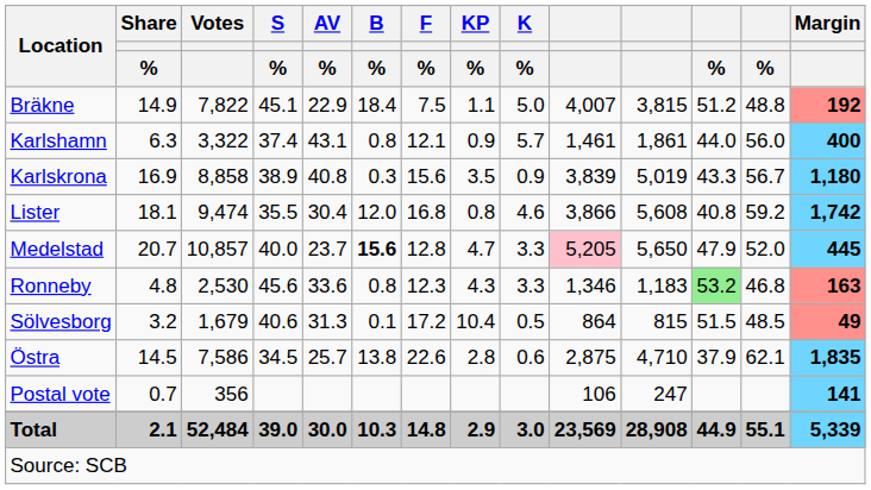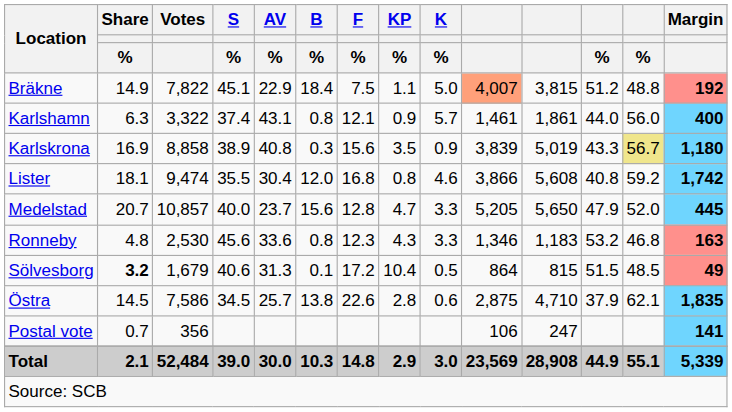 <table class="wikitable sortable" style="text-align:right; font-size:95%; line-height:20px;">
 <tr>
 <th rowspan="3">Location</th>
 <th>Share</th>
 <th>Votes</th>
 <th width="30px" class="unsortable"><a href='#'>S</a></th>
 <th width="30px" class="unsortable"><a href='#'>AV</a></th>
 <th width="30px" class="unsortable"><a href='#'>B</a></th>
 <th width="30px" class="unsortable"><a href='#'>F</a></th>
 <th width="30px" class="unsortable"><a href='#'>KP</a></th>
 <th width="30px" class="unsortable"><a href='#'>K</a></th>
 <th></th>
 <th></th>
 <th></th>
 <th></th>
 <th>Margin</th>
 </tr>
 <tr>
 <th></th>
 <th></th>
 <th style="background:"></th>
 <th style="background:"></th>
 <th style="background:"></th>
 <th style="background:"></th>
 <th style="background:"></th>
 <th style="background:"></th>
 <th style="background:"></th>
 <th style="background:"></th>
 <th style="background:"></th>
 <th style="background:"></th>
 <th></th>
 </tr>
 <tr>
 <th data-sort-type="number">%</th>
 <th></th>
 <th data-sort-type="number">%</th>
 <th data-sort-type="number">%</th>
 <th data-sort-type="number">%</th>
 <th data-sort-type="number">%</th>
 <th data-sort-type="number">%</th>
 <th data-sort-type="number">%</th>
 <th></th>
 <th></th>
 <th data-sort-type="number">%</th>
 <th data-sort-type="number">%</th>
 <th></th>
 </tr>
 <tr>
 <td align=left><a href='#'>Bräkne</a></td>
 <td>14.9</td>
 <td>7,822</td>
 <td>45.1</td>
 <td>22.9</td>
 <td>18.4</td>
 <td>7.5</td>
 <td>1.1</td>
 <td>5.0</td>
-<td>4,007</td>
+<td style="background: lightsalmon;">4,007</td>
 <td>3,815</td>
 <td>51.2</td>
 <td>48.8</td>
 <td bgcolor=#ff908c><strong>192</strong></td>
 </tr>
 <tr>
 <td align=left><a href='#'>Karlshamn</a></td>
 <td>6.3</td>
 <td>3,322</td>
 <td>37.4</td>
 <td>43.1</td>
 <td>0.8</td>
 <td>12.1</td>
 <td>0.9</td>
 <td>5.7</td>
 <td>1,461</td>
 <td>1,861</td>
 <td>44.0</td>
 <td>56.0</td>
 <td bgcolor=#6fd5fe><strong>400</strong></td>
 </tr>
 <tr>
 <td align=left><a href='#'>Karlskrona</a></td>
 <td>16.9</td>
 <td>8,858</td>
 <td>38.9</td>
 <td>40.8</td>
 <td>0.3</td>
 <td>15.6</td>
 <td>3.5</td>
 <td>0.9</td>
 <td>3,839</td>
 <td>5,019</td>
 <td>43.3</td>
-<td>56.7</td>
+<td style="background: khaki;">56.7</td>
 <td bgcolor=#6fd5fe><strong>1,180</strong></td>
 </tr>
 <tr>
 <td align=left><a href='#'>Lister</a></td>
 <td>18.1</td>
 <td>9,474</td>
 <td>35.5</td>
 <td>30.4</td>
 <td>12.0</td>
 <td>16.8</td>
 <td>0.8</td>
 <td>4.6</td>
 <td>3,866</td>
 <td>5,608</td>
 <td>40.8</td>
 <td>59.2</td>
 <td bgcolor=#6fd5fe><strong>1,742</strong></td>
 </tr>
 <tr>
 <td align=left><a href='#'>Medelstad</a></td>
 <td>20.7</td>
 <td>10,857</td>
 <td>40.0</td>
 <td>23.7</td>
-<td><strong>15.6</strong></td>
+<td>15.6</td>
 <td>12.8</td>
 <td>4.7</td>
 <td>3.3</td>
-<td style="background: pink;">5,205</td>
+<td>5,205</td>
 <td>5,650</td>
 <td>47.9</td>
 <td>52.0</td>
 <td bgcolor=#6fd5fe><strong>445</strong></td>
 </tr>
 <tr>
 <td align=left><a href='#'>Ronneby</a></td>
 <td>4.8</td>
 <td>2,530</td>
 <td>45.6</td>
 <td>33.6</td>
 <td>0.8</td>
 <td>12.3</td>
 <td>4.3</td>
 <td>3.3</td>
 <td>1,346</td>
 <td>1,183</td>
-<td style="background: lightgreen;">53.2</td>
+<td>53.2</td>
 <td>46.8</td>
 <td bgcolor=#ff908c><strong>163</strong></td>
 </tr>
 <tr>
 <td align=left><a href='#'>Sölvesborg</a></td>
-<td>3.2</td>
+<td><strong>3.2</strong></td>
 <td>1,679</td>
 <td>40.6</td>
 <td>31.3</td>
 <td>0.1</td>
 <td>17.2</td>
 <td>10.4</td>
 <td>0.5</td>
 <td>864</td>
 <td>815</td>
 <td>51.5</td>
 <td>48.5</td>
 <td bgcolor=#ff908c><strong>49</strong></td>
 </tr>
 <tr>
 <td align=left><a href='#'>Östra</a></td>
 <td>14.5</td>
 <td>7,586</td>
 <td>34.5</td>
 <td>25.7</td>
 <td>13.8</td>
 <td>22.6</td>
 <td>2.8</td>
 <td>0.6</td>
 <td>2,875</td>
 <td>4,710</td>
 <td>37.9</td>
 <td>62.1</td>
 <td bgcolor=#6fd5fe><strong>1,835</strong></td>
 </tr>
 <tr>
 <td align=left><a href='#'>Postal vote</a></td>
 <td>0.7</td>
 <td>356</td>
 <td></td>
 <td></td>
 <td></td>
 <td></td>
 <td></td>
 <td></td>
 <td>106</td>
 <td>247</td>
 <td></td>
 <td></td>
 <td bgcolor=#6fd5fe><strong>141</strong></td>
 </tr>
 <tr>
 </tr>
 <tr style="background:#CDCDCD;">
 <td align=left><strong>Total</strong></td>
 <td><strong>2.1</strong></td>
 <td><strong>52,484</strong></td>
 <td><strong>39.0</strong></td>
 <td><strong>30.0</strong></td>
 <td><strong>10.3</strong></td>
 <td><strong>14.8</strong></td>
 <td><strong>2.9</strong></td>
 <td><strong>3.0</strong></td>
 <td><strong>23,569</strong></td>
 <td><strong>28,908</strong></td>
 <td><strong>44.9</strong></td>
 <td><strong>55.1</strong></td>
 <td bgcolor=#6fd5fe><strong>5,339</strong></td>
 </tr>
 <tr>
 <td align=left colspan=14>Source: SCB </td>
 </tr>
 </table>
